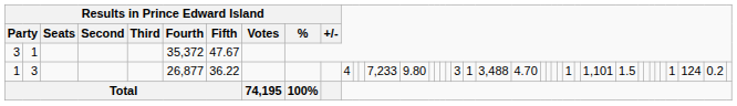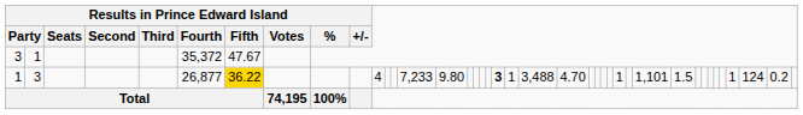 <table class="wikitable">
 <tr>
 <th align="center" colspan=10>Results in Prince Edward Island</th>
 </tr>
 <tr>
 <th align="centre" colspan=2>Party</th>
 <th align="right">Seats</th>
 <th align="right">Second</th>
 <th align="right">Third</th>
 <th align="right">Fourth</th>
 <th align="right">Fifth</th>
 <th align="right">Votes</th>
 <th align="right">%</th>
 <th align="right">+/-</th>
 </tr>
 <tr>
 <td align="right">3</td>
 <td align="right">1</td>
 <td align="right"></td>
 <td align="right"></td>
 <td align="right"></td>
 <td align="right">35,372</td>
 <td align="right">47.67</td>
 <td align="right"></td>
 </tr>
 <tr>
 <td align="right">1</td>
 <td align="right">3</td>
 <td align="right"></td>
 <td align="right"></td>
 <td align="right"></td>
 <td align="right">26,877</td>
-<td align="right">36.22</td>
+<td align="right" style="background: gold;">36.22</td>
 <td align="right"><br></td>
 <td align="right"></td>
 <td align="right"></td>
 <td align="right">4</td>
 <td align="right"></td>
 <td align="right"></td>
 <td align="right">7,233</td>
 <td align="right">9.80</td>
 <td align="right"><br></td>
 <td align="right"></td>
 <td align="right"></td>
 <td align="right"></td>
-<td align="right">3</td>
+<td align="right"><strong>3</strong></td>
 <td align="right">1</td>
 <td align="right">3,488</td>
 <td align="right">4.70</td>
 <td align="right"><br></td>
 <td align="right"></td>
 <td align="right"></td>
 <td align="right"></td>
 <td align="right">1</td>
 <td align="right"></td>
 <td align="right">1,101</td>
 <td align="right">1.5</td>
 <td align="right"><br></td>
 <td align="right"></td>
 <td align="right"></td>
 <td align="right"></td>
 <td align="right"></td>
 <td align="right">1</td>
 <td align="right">124</td>
 <td align="right">0.2</td>
 <td align="right"></td>
 </tr>
 <tr bgcolor="white">
 <th align="left" colspan=7>Total</th>
 <th align="right">74,195</th>
 <th align="right">100%</th>
 <th align="right"></th>
 </tr>
 </table>
